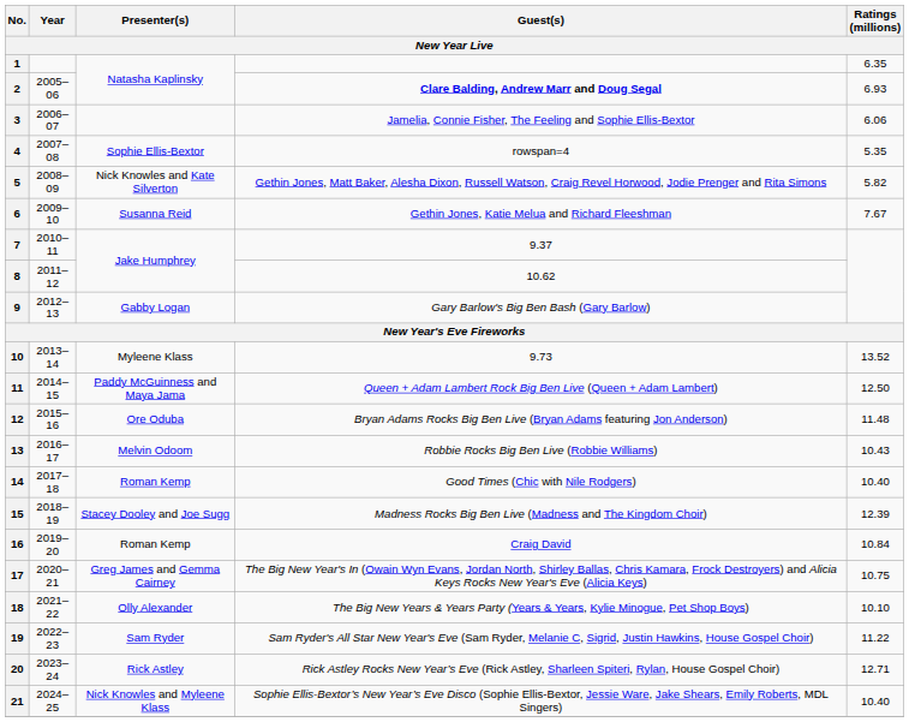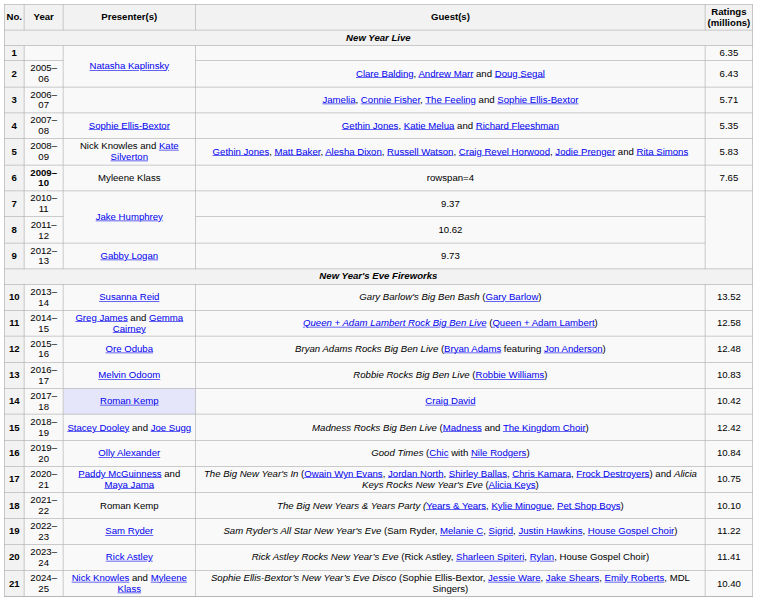 <table class="wikitable" style="text-align:center">
 <tr>
 <th>No.</th>
 <th>Year</th>
 <th>Presenter(s)</th>
 <th>Guest(s)</th>
 <th>Ratings<br>(millions)</th>
 </tr>
 <tr>
 <th colspan="5"><em>New Year Live</em></th>
 </tr>
 <tr>
 <th>1</th>
 <td></td>
 <td rowspan="2"><a href='#'>Natasha Kaplinsky</a></td>
 <td></td>
 <td>6.35</td>
 </tr>
 <tr>
 <th>2</th>
 <td>2005–06</td>
-<td><strong><a href='#'>Clare Balding</a>, <a href='#'>Andrew Marr</a> and <a href='#'>Doug Segal</a></strong></td>
-<td>6.93</td>
+<td><a href='#'>Clare Balding</a>, <a href='#'>Andrew Marr</a> and <a href='#'>Doug Segal</a></td>
+<td>6.43</td>
 </tr>
 <tr>
 <th>3</th>
 <td>2006–07</td>
 <td></td>
 <td><a href='#'>Jamelia</a>, <a href='#'>Connie Fisher</a>, <a href='#'>The Feeling</a> and <a href='#'>Sophie Ellis-Bextor</a></td>
-<td>6.06</td>
+<td>5.71</td>
 </tr>
 <tr>
 <th>4</th>
 <td>2007–08</td>
 <td><a href='#'>Sophie Ellis-Bextor</a></td>
-<td>rowspan=4 </td>
+<td><a href='#'>Gethin Jones</a>, <a href='#'>Katie Melua</a> and <a href='#'>Richard Fleeshman</a></td>
 <td>5.35</td>
 </tr>
 <tr>
 <th>5</th>
 <td>2008–09</td>
 <td>Nick Knowles and <a href='#'>Kate Silverton</a></td>
 <td><a href='#'>Gethin Jones</a>, <a href='#'>Matt Baker</a>, <a href='#'>Alesha Dixon</a>, <a href='#'>Russell Watson</a>, <a href='#'>Craig Revel Horwood</a>, <a href='#'>Jodie Prenger</a> and <a href='#'>Rita Simons</a></td>
-<td>5.82</td>
+<td>5.83</td>
 </tr>
 <tr>
 <th>6</th>
-<td>2009–10</td>
-<td><a href='#'>Susanna Reid</a></td>
-<td><a href='#'>Gethin Jones</a>, <a href='#'>Katie Melua</a> and <a href='#'>Richard Fleeshman</a></td>
-<td>7.67</td>
+<td><strong>2009–10</strong></td>
+<td>Myleene Klass</td>
+<td>rowspan=4 </td>
+<td>7.65</td>
 </tr>
 <tr>
 <th>7</th>
 <td>2010–11</td>
 <td rowspan=2><a href='#'>Jake Humphrey</a></td>
 <td>9.37</td>
 </tr>
 <tr>
 <th>8</th>
 <td>2011–12</td>
 <td>10.62</td>
 </tr>
 <tr>
 <th>9</th>
 <td>2012–13</td>
 <td><a href='#'>Gabby Logan</a></td>
-<td><em>Gary Barlow's Big Ben Bash</em> (<a href='#'>Gary Barlow</a>)</td>
+<td>9.73</td>
 </tr>
 <tr>
 <th colspan="5"><strong><em>New Year's Eve Fireworks</em></strong></th>
 </tr>
 <tr>
 <th>10</th>
 <td>2013–14</td>
-<td>Myleene Klass</td>
-<td>9.73</td>
+<td><a href='#'>Susanna Reid</a></td>
+<td><em>Gary Barlow's Big Ben Bash</em> (<a href='#'>Gary Barlow</a>)</td>
 <td>13.52</td>
 </tr>
 <tr>
 <th>11</th>
 <td>2014–15</td>
-<td><a href='#'>Paddy McGuinness</a> and <a href='#'>Maya Jama</a></td>
+<td><a href='#'>Greg James</a> and <a href='#'>Gemma Cairney</a></td>
 <td><em><a href='#'>Queen + Adam Lambert Rock Big Ben Live</a></em> (<a href='#'>Queen + Adam Lambert</a>)</td>
-<td>12.50</td>
+<td>12.58</td>
 </tr>
 <tr>
 <th>12</th>
 <td>2015–16</td>
 <td><a href='#'>Ore Oduba</a></td>
 <td><em>Bryan Adams Rocks Big Ben Live</em> (<a href='#'>Bryan Adams</a> featuring <a href='#'>Jon Anderson</a>)</td>
-<td>11.48</td>
+<td>12.48</td>
 </tr>
 <tr>
 <th>13</th>
 <td>2016–17</td>
 <td><a href='#'>Melvin Odoom</a></td>
 <td><em>Robbie Rocks Big Ben Live</em> (<a href='#'>Robbie Williams</a>)</td>
-<td>10.43</td>
+<td>10.83</td>
 </tr>
 <tr>
 <th>14</th>
 <td>2017–18</td>
-<td><a href='#'>Roman Kemp</a></td>
-<td><em>Good Times</em> (<a href='#'>Chic</a> with <a href='#'>Nile Rodgers</a>)</td>
-<td>10.40</td>
+<td style="background: lavender;"><a href='#'>Roman Kemp</a></td>
+<td><a href='#'>Craig David</a></td>
+<td>10.42</td>
 </tr>
 <tr>
 <th>15</th>
 <td>2018–19</td>
 <td><a href='#'>Stacey Dooley</a> and <a href='#'>Joe Sugg</a></td>
 <td><em>Madness Rocks Big Ben Live</em> (<a href='#'>Madness</a> and <a href='#'>The Kingdom Choir</a>)</td>
-<td>12.39</td>
+<td>12.42</td>
 </tr>
 <tr>
 <th>16</th>
 <td>2019–20</td>
-<td>Roman Kemp</td>
-<td><a href='#'>Craig David</a></td>
+<td><a href='#'>Olly Alexander</a></td>
+<td><em>Good Times</em> (<a href='#'>Chic</a> with <a href='#'>Nile Rodgers</a>)</td>
 <td>10.84</td>
 </tr>
 <tr>
 <th>17</th>
 <td>2020–21</td>
-<td><a href='#'>Greg James</a> and <a href='#'>Gemma Cairney</a></td>
+<td><a href='#'>Paddy McGuinness</a> and <a href='#'>Maya Jama</a></td>
 <td><em>The Big New Year's In</em> (<a href='#'>Owain Wyn Evans</a>, <a href='#'>Jordan North</a>, <a href='#'>Shirley Ballas</a>, <a href='#'>Chris Kamara</a>, <a href='#'>Frock Destroyers</a>) and <em>Alicia Keys Rocks New Year's Eve</em> (<a href='#'>Alicia Keys</a>)</td>
 <td>10.75</td>
 </tr>
 <tr>
 <th>18</th>
 <td>2021–22</td>
-<td><a href='#'>Olly Alexander</a></td>
+<td>Roman Kemp</td>
 <td><em>The Big New Years & Years Party (</em><a href='#'>Years & Years</a>, <a href='#'>Kylie Minogue</a>, <a href='#'>Pet Shop Boys</a>)</td>
 <td>10.10</td>
 </tr>
 <tr>
 <th>19</th>
 <td>2022–23</td>
 <td><a href='#'>Sam Ryder</a></td>
 <td><em>Sam Ryder's All Star New Year's Eve</em> (Sam Ryder, <a href='#'>Melanie C</a>, <a href='#'>Sigrid</a>, <a href='#'>Justin Hawkins</a>, <a href='#'>House Gospel Choir</a>)</td>
 <td>11.22</td>
 </tr>
 <tr>
 <th>20</th>
 <td>2023–24</td>
 <td><a href='#'>Rick Astley</a></td>
 <td><em>Rick Astley Rocks New Year’s Eve</em> (Rick Astley, <a href='#'>Sharleen Spiteri</a>, <a href='#'>Rylan</a>, House Gospel Choir)</td>
-<td>12.71</td>
+<td>11.41</td>
 </tr>
 <tr>
 <th>21</th>
 <td>2024–25</td>
 <td><a href='#'>Nick Knowles</a> and <a href='#'>Myleene Klass</a></td>
 <td><em>Sophie Ellis-Bextor’s New Year’s Eve Disco</em> (Sophie Ellis-Bextor, <a href='#'>Jessie Ware</a>, <a href='#'>Jake Shears</a>, <a href='#'>Emily Roberts</a>, MDL Singers)</td>
 <td>10.40</td>
 </tr>
 <tr>
 </tr>
 </table>
